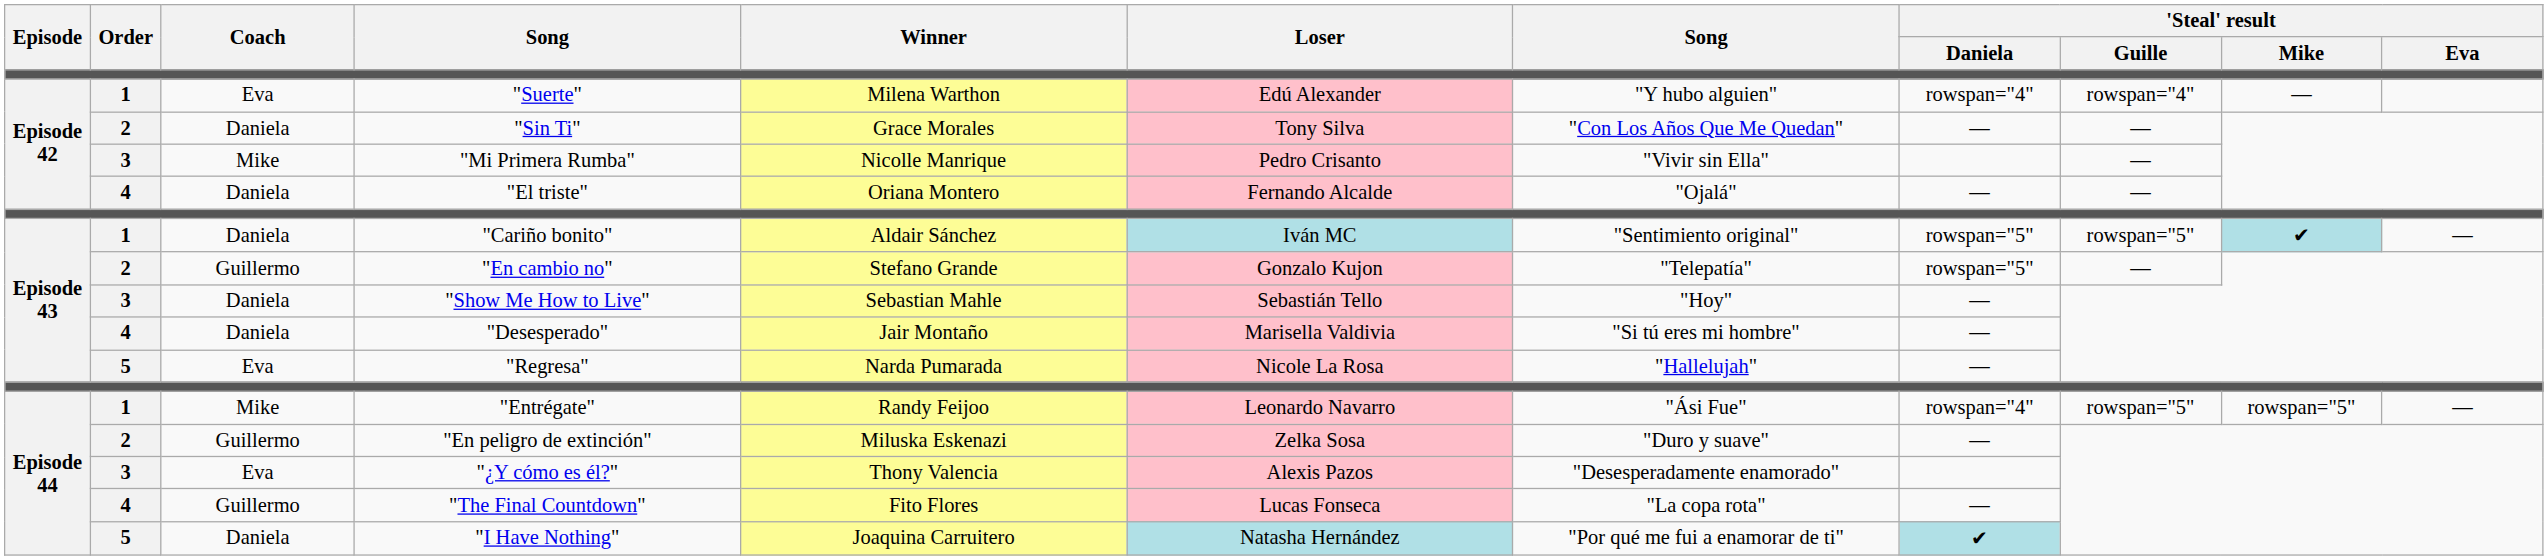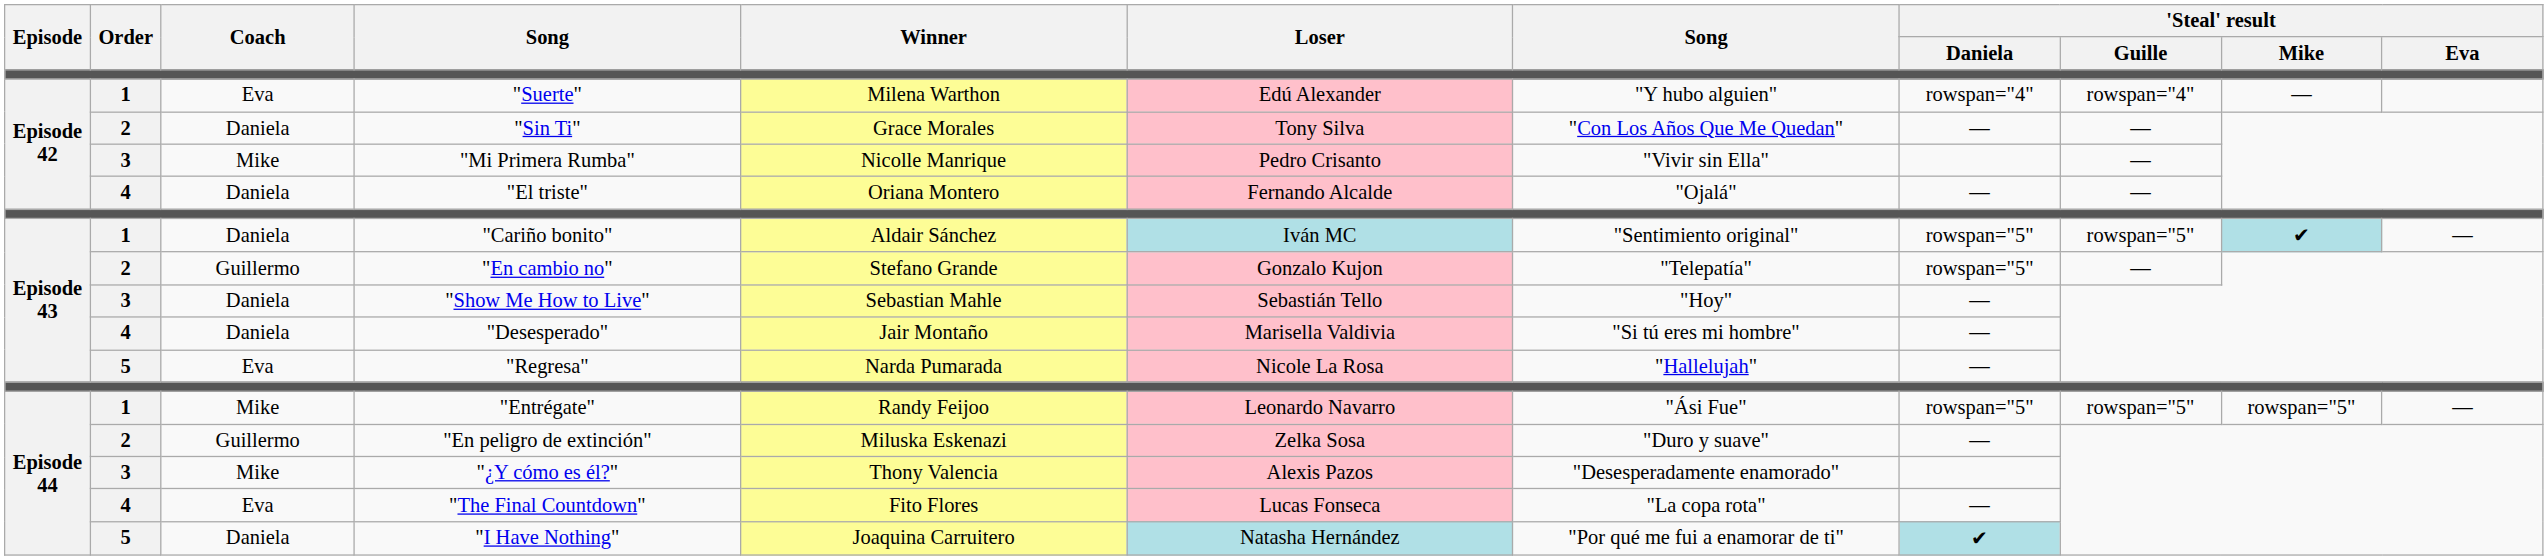 <table class="wikitable" style="text-align: center; width:100%">
 <tr>
 <th rowspan="2" style="width:01%">Episode</th>
 <th rowspan="2" style="width:01%">Order</th>
 <th rowspan="2" style="width:06%">Coach</th>
 <th rowspan="2" style="width:12%">Song</th>
 <th rowspan="2" style="width:12%">Winner</th>
 <th rowspan="2" style="width:12%">Loser</th>
 <th rowspan="2" style="width:12%">Song</th>
 <th colspan="4" style="width:20%">'Steal' result</th>
 </tr>
 <tr>
 <th style="width:05%">Daniela</th>
 <th style="width:05%">Guille</th>
 <th style="width:05%">Mike</th>
 <th style="width:05%">Eva</th>
 </tr>
 <tr>
 <td colspan="11" style="background:#555"></td>
 </tr>
 <tr>
 <th scope="row" rowspan="4">Episode 42<br></th>
 <th>1</th>
 <td>Eva</td>
 <td>"<a href='#'>Suerte</a>"</td>
 <td style="background:#FDFD96">Milena Warthon</td>
 <td style="background:pink">Edú Alexander</td>
 <td>"Y hubo alguien"</td>
 <td>rowspan="4" </td>
 <td>rowspan="4" </td>
 <td>—</td>
 <td></td>
 </tr>
 <tr>
 <th>2</th>
 <td>Daniela</td>
 <td>"<a href='#'>Sin Ti</a>"</td>
 <td style="background:#FDFD96">Grace Morales</td>
 <td style="background:pink">Tony Silva</td>
 <td>"<a href='#'>Con Los Años Que Me Quedan</a>"</td>
 <td>—</td>
 <td>—</td>
 </tr>
 <tr>
 <th>3</th>
 <td>Mike</td>
 <td>"Mi Primera Rumba"</td>
 <td style="background:#FDFD96">Nicolle Manrique</td>
 <td style="background:pink">Pedro Crisanto</td>
 <td>"Vivir sin Ella"</td>
 <td></td>
 <td>—</td>
 </tr>
 <tr>
 <th>4</th>
 <td>Daniela</td>
 <td>"El triste"</td>
 <td style="background:#FDFD96">Oriana Montero</td>
 <td style="background:pink">Fernando Alcalde</td>
 <td>"Ojalá"</td>
 <td>—</td>
 <td>—</td>
 </tr>
 <tr>
 <td colspan="11" style="background:#555"></td>
 </tr>
 <tr>
 <th scope="row" rowspan="5">Episode 43<br></th>
 <th>1</th>
 <td>Daniela</td>
 <td>"Cariño bonito"</td>
 <td style="background:#FDFD96">Aldair Sánchez</td>
 <td style="background:#b0e0e6">Iván MC</td>
 <td>"Sentimiento original"</td>
 <td>rowspan="5" </td>
 <td>rowspan="5" </td>
 <td style="background:#b0e0e6">✔</td>
 <td>—</td>
 </tr>
 <tr>
 <th>2</th>
 <td>Guillermo</td>
 <td>"<a href='#'>En cambio no</a>"</td>
 <td style="background:#FDFD96">Stefano Grande</td>
 <td style="background:pink">Gonzalo Kujon</td>
 <td>"Telepatía"</td>
 <td>rowspan="5" </td>
 <td>—</td>
 </tr>
 <tr>
 <th>3</th>
 <td>Daniela</td>
 <td>"<a href='#'>Show Me How to Live</a>"</td>
 <td style="background:#FDFD96">Sebastian Mahle</td>
 <td style="background:pink">Sebastián Tello</td>
 <td>"Hoy"</td>
 <td>—</td>
 </tr>
 <tr>
 <th>4</th>
 <td>Daniela</td>
 <td>"Desesperado"</td>
 <td style="background:#FDFD96">Jair Montaño</td>
 <td style="background:pink">Marisella Valdivia</td>
 <td>"Si tú eres mi hombre"</td>
 <td>—</td>
 </tr>
 <tr>
 <th>5</th>
 <td>Eva</td>
 <td>"Regresa"</td>
 <td style="background:#FDFD96">Narda Pumarada</td>
 <td style="background:pink">Nicole La Rosa</td>
 <td>"<a href='#'>Hallelujah</a>"</td>
 <td>—</td>
 </tr>
 <tr>
 <td colspan="11" style="background:#555"></td>
 </tr>
 <tr>
 <th scope="row" rowspan="5">Episode 44<br></th>
 <th>1</th>
 <td>Mike</td>
 <td>"Entrégate"</td>
 <td style="background:#FDFD96">Randy Feijoo</td>
 <td style="background:pink">Leonardo Navarro</td>
 <td>"Ási Fue"</td>
-<td>rowspan="4" </td>
+<td>rowspan="5" </td>
 <td>rowspan="5" </td>
 <td>rowspan="5" </td>
 <td>—</td>
 </tr>
 <tr>
 <th>2</th>
 <td>Guillermo</td>
 <td>"En peligro de extinción"</td>
 <td style="background:#FDFD96">Miluska Eskenazi</td>
 <td style="background:pink">Zelka Sosa</td>
 <td>"Duro y suave"</td>
 <td>—</td>
 </tr>
 <tr>
 <th>3</th>
-<td>Eva</td>
+<td>Mike</td>
 <td>"<a href='#'>¿Y cómo es él?</a>"</td>
 <td style="background:#FDFD96">Thony Valencia</td>
 <td style="background:pink">Alexis Pazos</td>
 <td>"Desesperadamente enamorado"</td>
 <td></td>
 </tr>
 <tr>
 <th>4</th>
-<td>Guillermo</td>
+<td>Eva</td>
 <td>"<a href='#'>The Final Countdown</a>"</td>
 <td style="background:#FDFD96">Fito Flores</td>
 <td style="background:pink">Lucas Fonseca</td>
 <td>"La copa rota"</td>
 <td>—</td>
 </tr>
 <tr>
 <th>5</th>
 <td>Daniela</td>
 <td>"<a href='#'>I Have Nothing</a>"</td>
 <td style="background:#FDFD96">Joaquina Carruitero</td>
 <td style="background:#b0e0e6">Natasha Hernández</td>
 <td>"Por qué me fui a enamorar de ti"</td>
 <td style="background:#b0e0e6">✔</td>
 </tr>
 </table>
